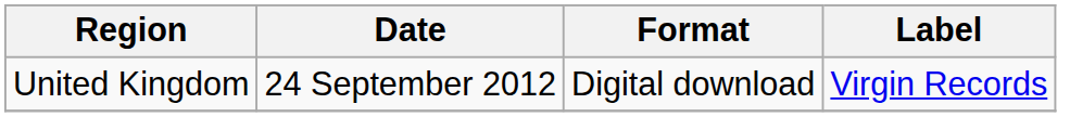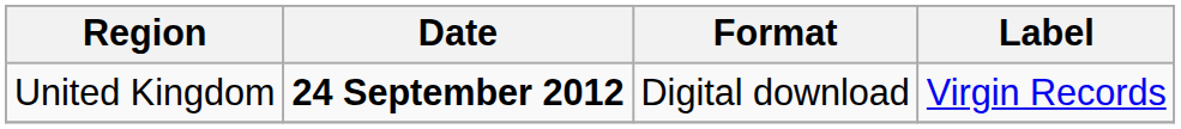 <table class=wikitable>
 <tr>
 <th>Region</th>
 <th>Date</th>
 <th>Format</th>
 <th>Label</th>
 </tr>
 <tr>
 <td>United Kingdom</td>
-<td>24 September 2012</td>
+<td><strong>24 September 2012</strong></td>
 <td>Digital download</td>
 <td><a href='#'>Virgin Records</a></td>
 </tr>
 <tr>
 </tr>
 </table>
